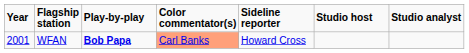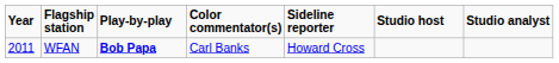 <table class="wikitable">
 <tr>
 <td width="40"><strong>Year</strong></td>
 <td width="40"><strong>Flagship station</strong></td>
 <td width="110"><strong>Play-by-play</strong></td>
 <td width="110"><strong>Color commentator(s)</strong></td>
 <td width="110"><strong>Sideline reporter</strong></td>
 <td width="110"><strong>Studio host</strong></td>
 <td width="110"><strong>Studio analyst</strong></td>
 </tr>
 <tr>
-<td><a href='#'>2001</a></td>
+<td><a href='#'>2011</a></td>
 <td><a href='#'>WFAN</a></td>
 <td><strong><a href='#'>Bob Papa</a></strong></td>
-<td style="background: lightsalmon;"><a href='#'>Carl Banks</a></td>
+<td><a href='#'>Carl Banks</a></td>
 <td><a href='#'>Howard Cross</a></td>
 <td></td>
 <td></td>
 </tr>
 </table>
